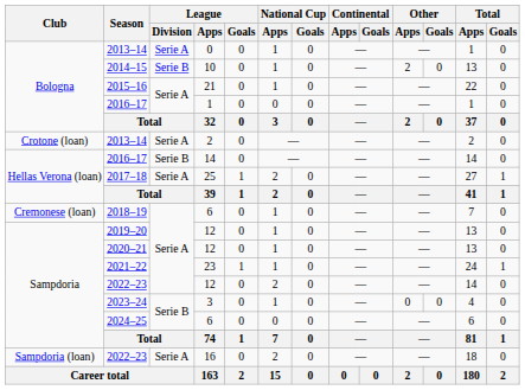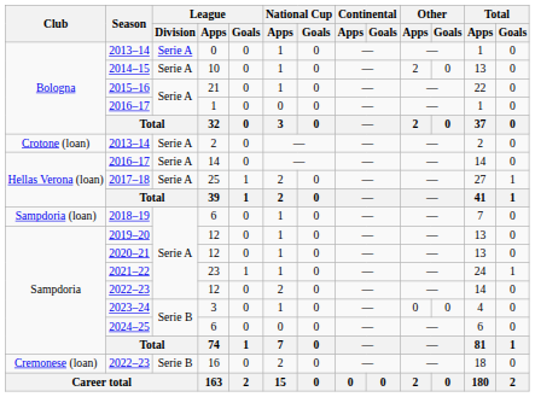 <table class="wikitable" style="text-align: center">
 <tr>
 <th rowspan="2">Club</th>
 <th rowspan="2">Season</th>
 <th colspan="3">League</th>
 <th colspan="2">National Cup</th>
 <th colspan="2">Continental</th>
 <th colspan="2">Other</th>
 <th colspan="2">Total</th>
 </tr>
 <tr>
 <th>Division</th>
 <th>Apps</th>
 <th>Goals</th>
 <th>Apps</th>
 <th>Goals</th>
 <th>Apps</th>
 <th>Goals</th>
 <th>Apps</th>
 <th>Goals</th>
 <th>Apps</th>
 <th>Goals</th>
 </tr>
 <tr>
 <td rowspan="5"><a href='#'>Bologna</a></td>
 <td><a href='#'>2013–14</a></td>
 <td><a href='#'>Serie A</a></td>
 <td>0</td>
 <td>0</td>
 <td>1</td>
 <td>0</td>
 <td colspan="2“">—</td>
 <td colspan="2“">—</td>
 <td>1</td>
 <td>0</td>
 </tr>
 <tr>
 <td><a href='#'>2014–15</a></td>
-<td><a href='#'>Serie B</a></td>
+<td>Serie A</td>
 <td>10</td>
 <td>0</td>
 <td>1</td>
 <td>0</td>
 <td colspan="2“">—</td>
 <td>2</td>
 <td>0</td>
 <td>13</td>
 <td>0</td>
 </tr>
 <tr>
 <td><a href='#'>2015–16</a></td>
 <td rowspan="2">Serie A</td>
 <td>21</td>
 <td>0</td>
 <td>1</td>
 <td>0</td>
 <td colspan="2“">—</td>
 <td colspan="2“">—</td>
 <td>22</td>
 <td>0</td>
 </tr>
 <tr>
 <td><a href='#'>2016–17</a></td>
 <td>1</td>
 <td>0</td>
 <td>0</td>
 <td>0</td>
 <td colspan="2“">—</td>
 <td colspan="2“">—</td>
 <td>1</td>
 <td>0</td>
 </tr>
 <tr>
 <th colspan="2">Total</th>
 <th>32</th>
 <th>0</th>
 <th>3</th>
 <th>0</th>
 <th colspan="2“">—</th>
 <th>2</th>
 <th>0</th>
 <th>37</th>
 <th>0</th>
 </tr>
 <tr>
 <td><a href='#'>Crotone</a> (loan)</td>
 <td><a href='#'>2013–14</a></td>
 <td>Serie A</td>
 <td>2</td>
 <td>0</td>
 <td colspan="2“">—</td>
 <td colspan="2“">—</td>
 <td colspan="2“">—</td>
 <td>2</td>
 <td>0</td>
 </tr>
 <tr>
 <td rowspan="3"><a href='#'>Hellas Verona</a> (loan)</td>
 <td><a href='#'>2016–17</a></td>
-<td>Serie B</td>
+<td>Serie A</td>
 <td>14</td>
 <td>0</td>
 <td colspan="2“">—</td>
 <td colspan="2“">—</td>
 <td colspan="2“">—</td>
 <td>14</td>
 <td>0</td>
 </tr>
 <tr>
 <td><a href='#'>2017–18</a></td>
 <td>Serie A</td>
 <td>25</td>
 <td>1</td>
 <td>2</td>
 <td>0</td>
 <td colspan="2“">—</td>
 <td colspan="2“">—</td>
 <td>27</td>
 <td>1</td>
 </tr>
 <tr>
 <th colspan="2">Total</th>
 <th>39</th>
 <th>1</th>
 <th>2</th>
 <th>0</th>
 <th colspan="2“">—</th>
 <th colspan="2“">—</th>
 <th>41</th>
 <th>1</th>
 </tr>
 <tr>
-<td><a href='#'>Cremonese</a> (loan)</td>
+<td rowspan="1"><a href='#'>Sampdoria</a> (loan)</td>
 <td><a href='#'>2018–19</a></td>
 <td rowspan="5">Serie A</td>
 <td>6</td>
 <td>0</td>
 <td>1</td>
 <td>0</td>
 <td colspan="2“">—</td>
 <td colspan="2“">—</td>
 <td>7</td>
 <td>0</td>
 </tr>
 <tr>
 <td rowspan="7">Sampdoria</td>
 <td><a href='#'>2019–20</a></td>
 <td>12</td>
 <td>0</td>
 <td>1</td>
 <td>0</td>
 <td colspan="2“">—</td>
 <td colspan="2“">—</td>
 <td>13</td>
 <td>0</td>
 </tr>
 <tr>
 <td><a href='#'>2020–21</a></td>
 <td>12</td>
 <td>0</td>
 <td>1</td>
 <td>0</td>
 <td colspan="2“">—</td>
 <td colspan="2“">—</td>
 <td>13</td>
 <td>0</td>
 </tr>
 <tr>
 <td><a href='#'>2021–22</a></td>
 <td>23</td>
 <td>1</td>
 <td>1</td>
 <td>0</td>
 <td colspan="2“">—</td>
 <td colspan="2“">—</td>
 <td>24</td>
 <td>1</td>
 </tr>
 <tr>
 <td><a href='#'>2022–23</a></td>
 <td>12</td>
 <td>0</td>
 <td>2</td>
 <td>0</td>
 <td colspan="2“">—</td>
 <td colspan="2“">—</td>
 <td>14</td>
 <td>0</td>
 </tr>
 <tr>
 <td><a href='#'>2023–24</a></td>
 <td rowspan="2">Serie B</td>
 <td>3</td>
 <td>0</td>
 <td>1</td>
 <td>0</td>
 <td colspan="2“">—</td>
 <td>0</td>
 <td>0</td>
 <td>4</td>
 <td>0</td>
 </tr>
 <tr>
 <td><a href='#'>2024–25</a></td>
 <td>6</td>
 <td>0</td>
 <td>0</td>
 <td>0</td>
 <td colspan="2“">—</td>
 <td colspan="2“">—</td>
 <td>6</td>
 <td>0</td>
 </tr>
 <tr>
 <th colspan="2">Total</th>
 <th>74</th>
 <th>1</th>
 <th>7</th>
 <th>0</th>
 <th colspan="2“">—</th>
 <th colspan="2“">—</th>
 <th>81</th>
 <th>1</th>
 </tr>
 <tr>
-<td rowspan="1"><a href='#'>Sampdoria</a> (loan)</td>
+<td><a href='#'>Cremonese</a> (loan)</td>
 <td><a href='#'>2022–23</a></td>
-<td>Serie A</td>
+<td>Serie B</td>
 <td>16</td>
 <td>0</td>
 <td>2</td>
 <td>0</td>
 <td colspan="2“">—</td>
 <td colspan="2“">—</td>
 <td>18</td>
 <td>0</td>
 </tr>
 <tr>
 <th colspan="3">Career total</th>
 <th>163</th>
 <th>2</th>
 <th>15</th>
 <th>0</th>
 <th>0</th>
 <th>0</th>
 <th>2</th>
 <th>0</th>
 <th>180</th>
 <th>2</th>
 </tr>
 </table>
